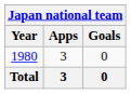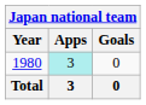 <table class="wikitable" style="text-align:center">
 <tr>
 <th colspan=3><a href='#'>Japan national team</a></th>
 </tr>
 <tr>
 <th>Year</th>
 <th>Apps</th>
 <th>Goals</th>
 </tr>
 <tr>
 <td><a href='#'>1980</a></td>
-<td>3</td>
+<td style="background: paleturquoise;">3</td>
 <td>0</td>
 </tr>
 <tr>
 <th>Total</th>
 <th>3</th>
 <th>0</th>
 </tr>
 </table>
